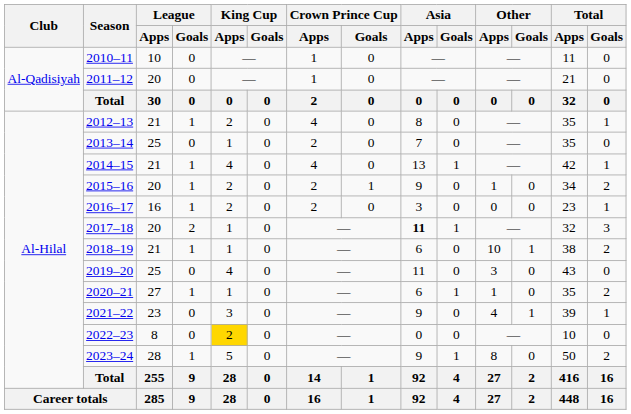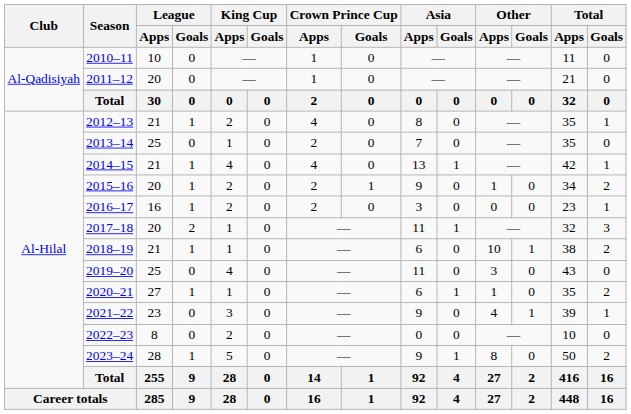 <table class="wikitable" style="text-align: center">
 <tr>
 <th rowspan=2>Club</th>
 <th rowspan=2>Season</th>
 <th colspan=2>League</th>
 <th colspan=2>King Cup</th>
 <th colspan=2>Crown Prince Cup</th>
 <th colspan=2>Asia</th>
 <th colspan=2>Other</th>
 <th colspan=2>Total</th>
 </tr>
 <tr>
 <th>Apps</th>
 <th>Goals</th>
 <th>Apps</th>
 <th>Goals</th>
 <th>Apps</th>
 <th>Goals</th>
 <th>Apps</th>
 <th>Goals</th>
 <th>Apps</th>
 <th>Goals</th>
 <th>Apps</th>
 <th>Goals</th>
 </tr>
 <tr>
 <td rowspan=3><a href='#'>Al-Qadisiyah</a></td>
 <td><a href='#'>2010–11</a></td>
 <td>10</td>
 <td>0</td>
 <td colspan=2>—</td>
 <td>1</td>
 <td>0</td>
 <td colspan=2>—</td>
 <td colspan=2>—</td>
 <td>11</td>
 <td>0</td>
 </tr>
 <tr>
 <td><a href='#'>2011–12</a></td>
 <td>20</td>
 <td>0</td>
 <td colspan=2>—</td>
 <td>1</td>
 <td>0</td>
 <td colspan=2>—</td>
 <td colspan=2>—</td>
 <td>21</td>
 <td>0</td>
 </tr>
 <tr>
 <th>Total</th>
 <th>30</th>
 <th>0</th>
 <th>0</th>
 <th>0</th>
 <th>2</th>
 <th>0</th>
 <th>0</th>
 <th>0</th>
 <th>0</th>
 <th>0</th>
 <th>32</th>
 <th>0</th>
 </tr>
 <tr>
 <td rowspan=13><a href='#'>Al-Hilal</a></td>
 <td><a href='#'>2012–13</a></td>
 <td>21</td>
 <td>1</td>
 <td>2</td>
 <td>0</td>
 <td>4</td>
 <td>0</td>
 <td>8</td>
 <td>0</td>
 <td colspan=2>—</td>
 <td>35</td>
 <td>1</td>
 </tr>
 <tr>
 <td><a href='#'>2013–14</a></td>
 <td>25</td>
 <td>0</td>
 <td>1</td>
 <td>0</td>
 <td>2</td>
 <td>0</td>
 <td>7</td>
 <td>0</td>
 <td colspan=2>—</td>
 <td>35</td>
 <td>0</td>
 </tr>
 <tr>
 <td><a href='#'>2014–15</a></td>
 <td>21</td>
 <td>1</td>
 <td>4</td>
 <td>0</td>
 <td>4</td>
 <td>0</td>
 <td>13</td>
 <td>1</td>
 <td colspan=2>—</td>
 <td>42</td>
 <td>1</td>
 </tr>
 <tr>
 <td><a href='#'>2015–16</a></td>
 <td>20</td>
 <td>1</td>
 <td>2</td>
 <td>0</td>
 <td>2</td>
 <td>1</td>
 <td>9</td>
 <td>0</td>
 <td>1</td>
 <td>0</td>
 <td>34</td>
 <td>2</td>
 </tr>
 <tr>
 <td><a href='#'>2016–17</a></td>
 <td>16</td>
 <td>1</td>
 <td>2</td>
 <td>0</td>
 <td>2</td>
 <td>0</td>
 <td>3</td>
 <td>0</td>
 <td>0</td>
 <td>0</td>
 <td>23</td>
 <td>1</td>
 </tr>
 <tr>
 <td><a href='#'>2017–18</a></td>
 <td>20</td>
 <td>2</td>
 <td>1</td>
 <td>0</td>
 <td colspan=2>—</td>
-<td><strong>11</strong></td>
+<td>11</td>
 <td>1</td>
 <td colspan=2>—</td>
 <td>32</td>
 <td>3</td>
 </tr>
 <tr>
 <td><a href='#'>2018–19</a></td>
 <td>21</td>
 <td>1</td>
 <td>1</td>
 <td>0</td>
 <td colspan=2>—</td>
 <td>6</td>
 <td>0</td>
 <td>10</td>
 <td>1</td>
 <td>38</td>
 <td>2</td>
 </tr>
 <tr>
 <td><a href='#'>2019–20</a></td>
 <td>25</td>
 <td>0</td>
 <td>4</td>
 <td>0</td>
 <td colspan=2>—</td>
 <td>11</td>
 <td>0</td>
 <td>3</td>
 <td>0</td>
 <td>43</td>
 <td>0</td>
 </tr>
 <tr>
 <td><a href='#'>2020–21</a></td>
 <td>27</td>
 <td>1</td>
 <td>1</td>
 <td>0</td>
 <td colspan=2>—</td>
 <td>6</td>
 <td>1</td>
 <td>1</td>
 <td>0</td>
 <td>35</td>
 <td>2</td>
 </tr>
 <tr>
 <td><a href='#'>2021–22</a></td>
 <td>23</td>
 <td>0</td>
 <td>3</td>
 <td>0</td>
 <td colspan=2>—</td>
 <td>9</td>
 <td>0</td>
 <td>4</td>
 <td>1</td>
 <td>39</td>
 <td>1</td>
 </tr>
 <tr>
 <td><a href='#'>2022–23</a></td>
 <td>8</td>
 <td>0</td>
-<td style="background: gold;">2</td>
+<td>2</td>
 <td>0</td>
 <td colspan=2>—</td>
 <td>0</td>
 <td>0</td>
 <td colspan=2>—</td>
 <td>10</td>
 <td>0</td>
 </tr>
 <tr>
 <td><a href='#'>2023–24</a></td>
 <td>28</td>
 <td>1</td>
 <td>5</td>
 <td>0</td>
 <td colspan=2>—</td>
 <td>9</td>
 <td>1</td>
 <td>8</td>
 <td>0</td>
 <td>50</td>
 <td>2</td>
 </tr>
 <tr>
 <th>Total</th>
 <th>255</th>
 <th>9</th>
 <th>28</th>
 <th>0</th>
 <th>14</th>
 <th>1</th>
 <th>92</th>
 <th>4</th>
 <th>27</th>
 <th>2</th>
 <th>416</th>
 <th>16</th>
 </tr>
 <tr>
 <th colspan=2>Career totals</th>
 <th>285</th>
 <th>9</th>
 <th>28</th>
 <th>0</th>
 <th>16</th>
 <th>1</th>
 <th>92</th>
 <th>4</th>
 <th>27</th>
 <th>2</th>
 <th>448</th>
 <th>16</th>
 </tr>
 </table>
